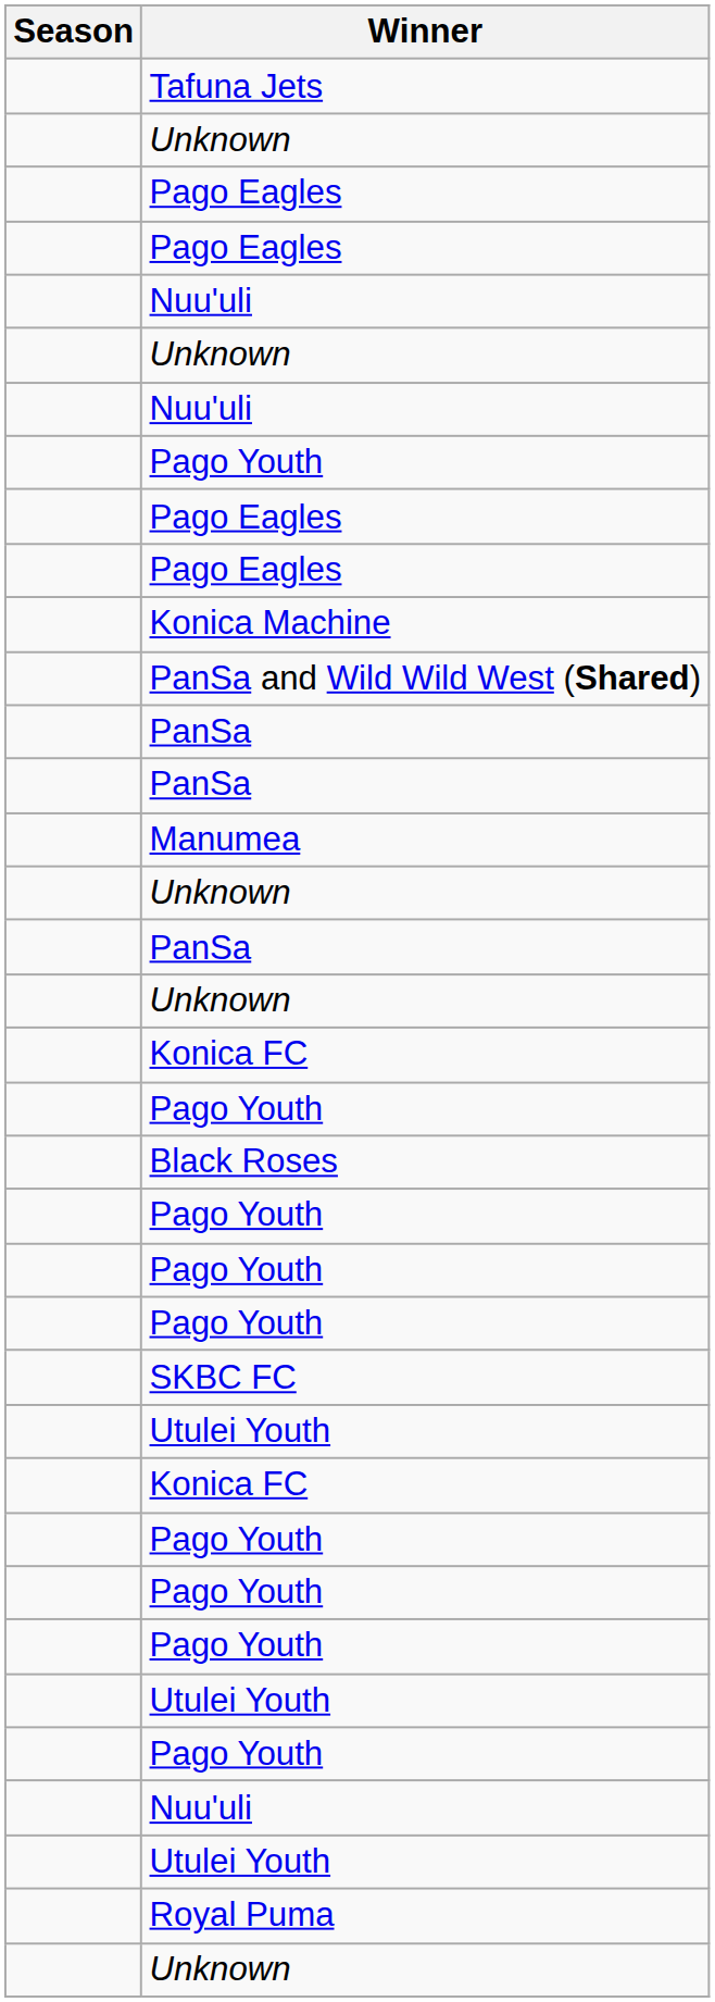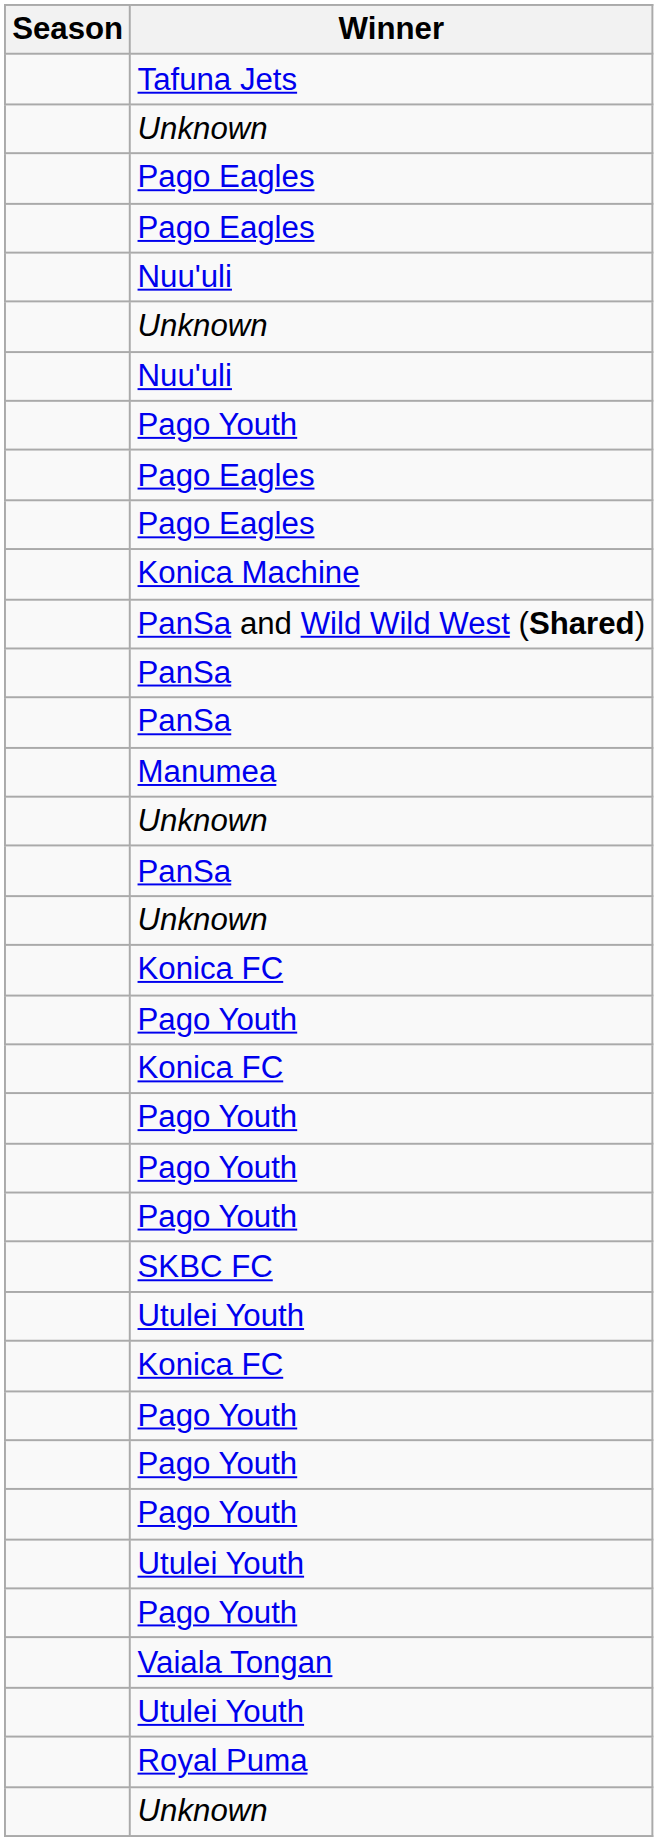 <table class="wikitable" style="width:auto;">
 <tr>
 <th style="width:auto">Season</th>
 <th style="width:auto">Winner</th>
 </tr>
 <tr>
 <td></td>
 <td><a href='#'>Tafuna Jets</a></td>
 </tr>
 <tr>
 <td></td>
 <td><em>Unknown</em></td>
 </tr>
 <tr>
 <td></td>
 <td><a href='#'>Pago Eagles</a></td>
 </tr>
 <tr>
 <td></td>
 <td><a href='#'>Pago Eagles</a></td>
 </tr>
 <tr>
 <td></td>
 <td><a href='#'>Nuu'uli</a></td>
 </tr>
 <tr>
 <td></td>
 <td><em>Unknown</em></td>
 </tr>
 <tr>
 <td></td>
 <td><a href='#'>Nuu'uli</a></td>
 </tr>
 <tr>
 <td></td>
 <td><a href='#'>Pago Youth</a></td>
 </tr>
 <tr>
 <td></td>
 <td><a href='#'>Pago Eagles</a></td>
 </tr>
 <tr>
 <td></td>
 <td><a href='#'>Pago Eagles</a></td>
 </tr>
 <tr>
 <td></td>
 <td><a href='#'>Konica Machine</a></td>
 </tr>
 <tr>
 <td></td>
 <td><a href='#'>PanSa</a> and <a href='#'>Wild Wild West</a> (<strong>Shared</strong>)</td>
 </tr>
 <tr>
 <td></td>
 <td><a href='#'>PanSa</a></td>
 </tr>
 <tr>
 <td></td>
 <td><a href='#'>PanSa</a></td>
 </tr>
 <tr>
 <td></td>
 <td><a href='#'>Manumea</a></td>
 </tr>
 <tr>
 <td></td>
 <td><em>Unknown</em></td>
 </tr>
 <tr>
 <td></td>
 <td><a href='#'>PanSa</a></td>
 </tr>
 <tr>
 <td></td>
 <td><em>Unknown</em></td>
 </tr>
 <tr>
 <td></td>
 <td><a href='#'>Konica FC</a></td>
 </tr>
 <tr>
 <td></td>
 <td><a href='#'>Pago Youth</a></td>
 </tr>
 <tr>
 <td></td>
-<td><a href='#'>Black Roses</a></td>
+<td><a href='#'>Konica FC</a></td>
 </tr>
 <tr>
 <td></td>
 <td><a href='#'>Pago Youth</a></td>
 </tr>
 <tr>
 <td></td>
 <td><a href='#'>Pago Youth</a></td>
 </tr>
 <tr>
 <td></td>
 <td><a href='#'>Pago Youth</a></td>
 </tr>
 <tr>
 <td></td>
 <td><a href='#'>SKBC FC</a></td>
 </tr>
 <tr>
 <td></td>
 <td><a href='#'>Utulei Youth</a></td>
 </tr>
 <tr>
 <td></td>
 <td><a href='#'>Konica FC</a></td>
 </tr>
 <tr>
 <td></td>
 <td><a href='#'>Pago Youth</a></td>
 </tr>
 <tr>
 <td></td>
 <td><a href='#'>Pago Youth</a></td>
 </tr>
 <tr>
 <td></td>
 <td><a href='#'>Pago Youth</a></td>
 </tr>
 <tr>
 <td></td>
 <td><a href='#'>Utulei Youth</a></td>
 </tr>
 <tr>
 <td></td>
 <td><a href='#'>Pago Youth</a></td>
 </tr>
 <tr>
 <td></td>
-<td><a href='#'>Nuu'uli</a></td>
+<td><a href='#'>Vaiala Tongan</a></td>
 </tr>
 <tr>
 <td></td>
 <td><a href='#'>Utulei Youth</a></td>
 </tr>
 <tr>
 <td></td>
 <td><a href='#'>Royal Puma</a></td>
 </tr>
 <tr>
 <td></td>
 <td><em>Unknown</em></td>
 </tr>
 </table>
